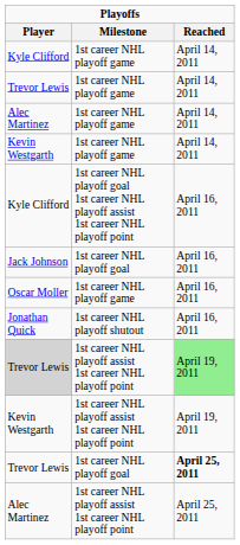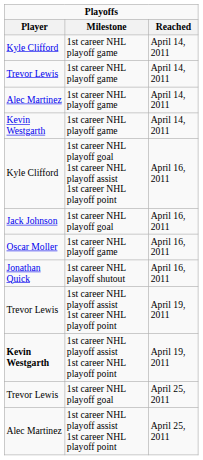 <table class="wikitable" style="width:52%;">
 <tr>
 <td colspan="10" style="text-align:center;"><strong>Playoffs</strong></td>
 </tr>
 <tr>
 <th>Player</th>
 <th>Milestone</th>
 <th>Reached</th>
 </tr>
 <tr>
 <td><a href='#'>Kyle Clifford</a></td>
 <td>1st career NHL playoff game</td>
 <td>April 14, 2011</td>
 </tr>
 <tr>
 <td><a href='#'>Trevor Lewis</a></td>
 <td>1st career NHL playoff game</td>
 <td>April 14, 2011</td>
 </tr>
 <tr>
 <td><a href='#'>Alec Martinez</a></td>
 <td>1st career NHL playoff game</td>
 <td>April 14, 2011</td>
 </tr>
 <tr>
 <td><a href='#'>Kevin Westgarth</a></td>
 <td>1st career NHL playoff game</td>
 <td>April 14, 2011</td>
 </tr>
 <tr>
 <td>Kyle Clifford</td>
 <td>1st career NHL playoff goal<br>1st career NHL playoff assist<br>1st career NHL playoff point</td>
 <td>April 16, 2011</td>
 </tr>
 <tr>
 <td><a href='#'>Jack Johnson</a></td>
 <td>1st career NHL playoff goal</td>
 <td>April 16, 2011</td>
 </tr>
 <tr>
 <td><a href='#'>Oscar Moller</a></td>
 <td>1st career NHL playoff game</td>
 <td>April 16, 2011</td>
 </tr>
 <tr>
 <td><a href='#'>Jonathan Quick</a></td>
 <td>1st career NHL playoff shutout</td>
 <td>April 16, 2011</td>
 </tr>
 <tr>
-<td style="background: lightgrey;">Trevor Lewis</td>
+<td>Trevor Lewis</td>
 <td>1st career NHL playoff assist<br>1st career NHL playoff point</td>
-<td style="background: lightgreen;">April 19, 2011</td>
+<td>April 19, 2011</td>
 </tr>
 <tr>
-<td>Kevin Westgarth</td>
+<td><strong>Kevin Westgarth</strong></td>
 <td>1st career NHL playoff assist<br>1st career NHL playoff point</td>
 <td>April 19, 2011</td>
 </tr>
 <tr>
 <td>Trevor Lewis</td>
 <td>1st career NHL playoff goal</td>
-<td><strong>April 25, 2011</strong></td>
+<td>April 25, 2011</td>
 </tr>
 <tr>
 <td>Alec Martinez</td>
 <td>1st career NHL playoff assist<br>1st career NHL playoff point</td>
 <td>April 25, 2011</td>
 </tr>
 </table>
